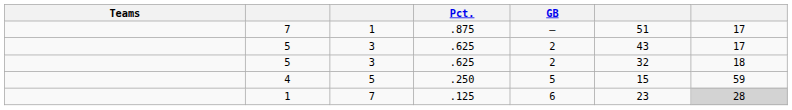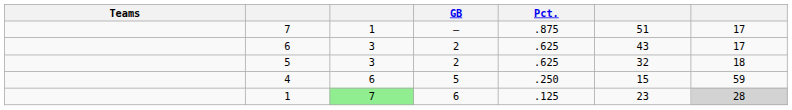 <table class="wikitable" width="50%" style="text-align:center;">
 <tr>
 <th width="20%">Teams</th>
 <th width="7%"></th>
 <th width="7%"></th>
+<th width="7%"><a href='#'>GB</a></th>
 <th width="8%"><a href='#'>Pct.</a></th>
-<th width="7%"><a href='#'>GB</a></th>
 <th width="8%"></th>
 <th width="8%"></th>
 </tr>
 <tr>
 <td align=left></td>
 <td>7</td>
 <td>1</td>
+<td>—</td>
 <td>.875</td>
-<td>—</td>
 <td>51</td>
 <td>17</td>
 </tr>
 <tr>
 <td align=left></td>
-<td>5</td>
+<td>6</td>
 <td>3</td>
+<td>2</td>
 <td>.625</td>
-<td>2</td>
 <td>43</td>
 <td>17</td>
 </tr>
 <tr>
 <td align=left></td>
 <td>5</td>
 <td>3</td>
+<td>2</td>
 <td>.625</td>
-<td>2</td>
 <td>32</td>
 <td>18</td>
 </tr>
 <tr>
 <td align=left></td>
 <td>4</td>
+<td>6</td>
 <td>5</td>
 <td>.250</td>
-<td>5</td>
 <td>15</td>
 <td>59</td>
 </tr>
 <tr>
 <td align=left></td>
 <td>1</td>
-<td>7</td>
+<td style="background: lightgreen;">7</td>
+<td>6</td>
 <td>.125</td>
-<td>6</td>
 <td>23</td>
 <td style="background: lightgrey;">28</td>
 </tr>
 </table>
